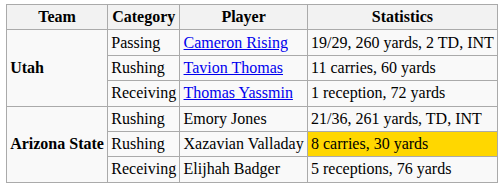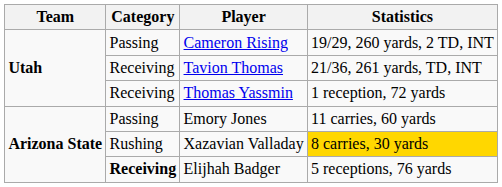 <table class="wikitable" style="float: right;">
 <tr>
 <th>Team</th>
 <th>Category</th>
 <th>Player</th>
 <th>Statistics</th>
 </tr>
 <tr>
 <td rowspan=3><strong>Utah</strong></td>
 <td>Passing</td>
 <td><a href='#'>Cameron Rising</a></td>
 <td>19/29, 260 yards, 2 TD, INT</td>
 </tr>
 <tr>
-<td>Rushing</td>
+<td>Receiving</td>
 <td><a href='#'>Tavion Thomas</a></td>
-<td>11 carries, 60 yards</td>
+<td>21/36, 261 yards, TD, INT</td>
 </tr>
 <tr>
 <td>Receiving</td>
 <td><a href='#'>Thomas Yassmin</a></td>
 <td>1 reception, 72 yards</td>
 </tr>
 <tr>
 <td rowspan=3><strong>Arizona State</strong></td>
-<td>Rushing</td>
+<td>Passing</td>
 <td>Emory Jones</td>
-<td>21/36, 261 yards, TD, INT</td>
+<td>11 carries, 60 yards</td>
 </tr>
 <tr>
 <td>Rushing</td>
 <td>Xazavian Valladay</td>
 <td style="background: gold;">8 carries, 30 yards</td>
 </tr>
 <tr>
-<td>Receiving</td>
+<td><strong>Receiving</strong></td>
 <td>Elijhah Badger</td>
 <td>5 receptions, 76 yards</td>
 </tr>
 </table>
